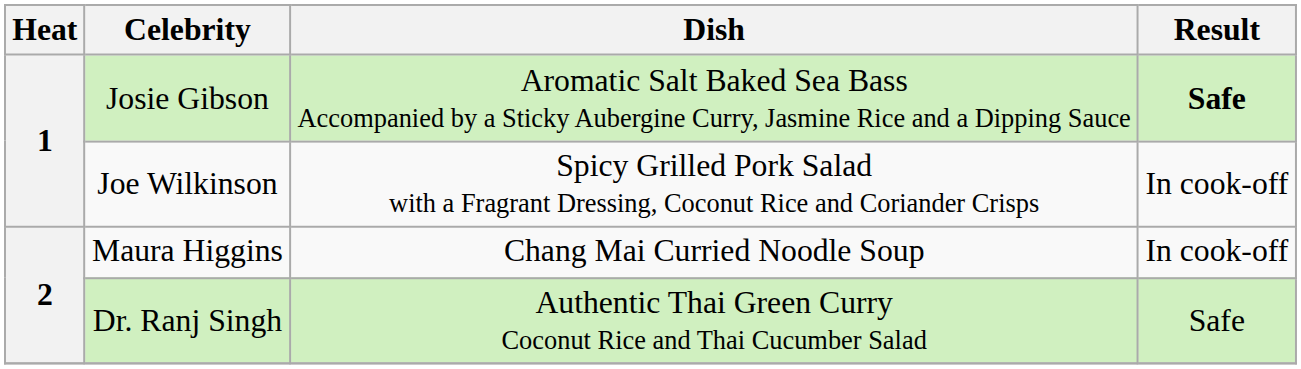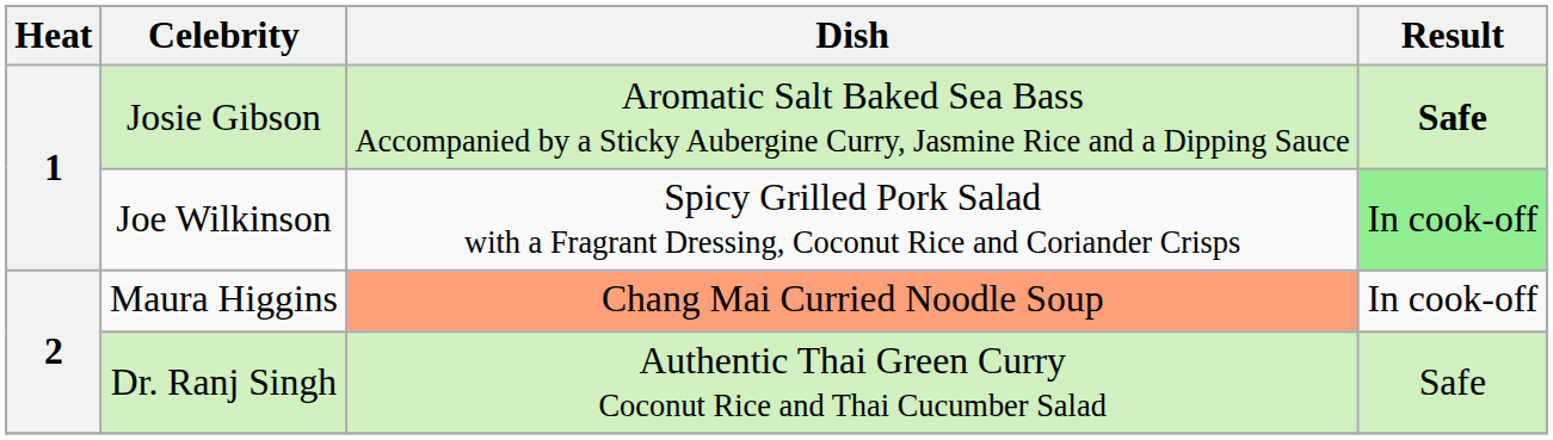 <table class="wikitable" style="text-align:center;">
 <tr>
 <th>Heat</th>
 <th>Celebrity</th>
 <th>Dish</th>
 <th>Result</th>
 </tr>
 <tr>
 <th rowspan="2">1</th>
 <td style="background:#d0f0c0;">Josie Gibson</td>
 <td style="background:#d0f0c0;">Aromatic Salt Baked Sea Bass<br><small>Accompanied by a Sticky Aubergine Curry, Jasmine Rice and a Dipping Sauce</small></td>
 <td style="background:#d0f0c0;"><strong>Safe</strong></td>
 </tr>
 <tr>
 <td>Joe Wilkinson</td>
 <td>Spicy Grilled Pork Salad<br><small>with a Fragrant Dressing, Coconut Rice and Coriander Crisps</small></td>
-<td>In cook-off</td>
+<td style="background: lightgreen;">In cook-off</td>
 </tr>
 <tr>
 <th rowspan="2">2</th>
 <td>Maura Higgins</td>
-<td>Chang Mai Curried Noodle Soup</td>
+<td style="background: lightsalmon;">Chang Mai Curried Noodle Soup</td>
 <td>In cook-off</td>
 </tr>
 <tr>
 <td style="background:#d0f0c0;">Dr. Ranj Singh</td>
 <td style="background:#d0f0c0;">Authentic Thai Green Curry<br><small>Coconut Rice and Thai Cucumber Salad</small></td>
 <td style="background:#d0f0c0;">Safe</td>
 </tr>
 <tr>
 </tr>
 </table>
